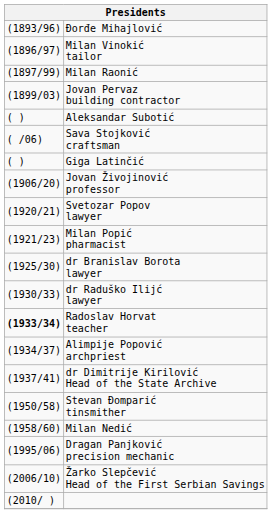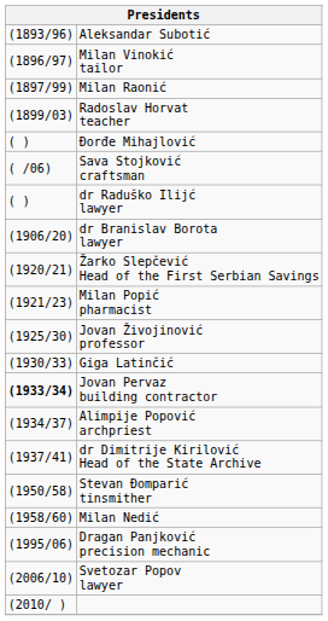 <table class="wikitable">
 <tr --->
 <th colspan=2>Presidents</th>
 </tr>
 <tr --->
 <td>(1893/96)</td>
-<td>Đorđe Mihajlović</td>
+<td>Aleksandar Subotić</td>
 </tr>
 <tr --->
 <td>(1896/97)</td>
 <td>Milan Vinokić<br>tailor</td>
 </tr>
 <tr --->
 <td>(1897/99)</td>
 <td>Milan Raonić</td>
 </tr>
 <tr --->
 <td>(1899/03)</td>
-<td>Jovan Pervaz<br>building contractor</td>
+<td>Radoslav Horvat<br>teacher</td>
 </tr>
 <tr --->
 <td>(          )</td>
-<td>Aleksandar Subotić</td>
+<td>Đorđe Mihajlović</td>
 </tr>
 <tr --->
 <td>(    /06)</td>
 <td>Sava Stojković<br>craftsman</td>
 </tr>
 <tr --->
 <td>(          )</td>
-<td>Giga Latinčić</td>
+<td>dr Raduško Ilijć<br>lawyer</td>
 </tr>
 <tr --->
 <td>(1906/20)</td>
-<td>Jovan Živojinović<br>professor</td>
+<td>dr Branislav Borota<br>lawyer</td>
 </tr>
 <tr --->
 <td>(1920/21)</td>
-<td>Svetozar Popov<br>lawyer</td>
+<td>Žarko Slepčević<br>Head of the First Serbian Savings</td>
 </tr>
 <tr --->
 <td>(1921/23)</td>
 <td>Milan Popić<br>pharmacist</td>
 </tr>
 <tr --->
 <td>(1925/30)</td>
-<td>dr Branislav Borota<br>lawyer</td>
+<td>Jovan Živojinović<br>professor</td>
 </tr>
 <tr --->
 <td>(1930/33)</td>
-<td>dr Raduško Ilijć<br>lawyer</td>
+<td>Giga Latinčić</td>
 </tr>
 <tr --->
 <td><strong>(1933/34)</strong></td>
-<td>Radoslav Horvat<br>teacher</td>
+<td>Jovan Pervaz<br>building contractor</td>
 </tr>
 <tr --->
 <td>(1934/37)</td>
 <td>Alimpije Popović<br>archpriest</td>
 </tr>
 <tr --->
 <td>(1937/41)</td>
 <td>dr Dimitrije Kirilović<br>Head of the State Archive</td>
 </tr>
 <tr --->
 <td>(1950/58)</td>
 <td>Stevan Đomparić<br>tinsmither</td>
 </tr>
 <tr --->
 <td>(1958/60)</td>
 <td>Milan Nedić</td>
 </tr>
 <tr --->
 <td>(1995/06)</td>
 <td>Dragan Panjković<br>precision mechanic</td>
 </tr>
 <tr --->
 <td>(2006/10)</td>
-<td>Žarko Slepčević<br>Head of the First Serbian Savings</td>
+<td>Svetozar Popov<br>lawyer</td>
 </tr>
 <tr --->
 <td>(2010/  )</td>
 <td></td>
 </tr>
 <tr --->
 </tr>
 </table>
